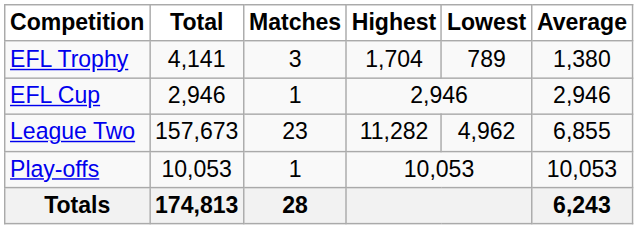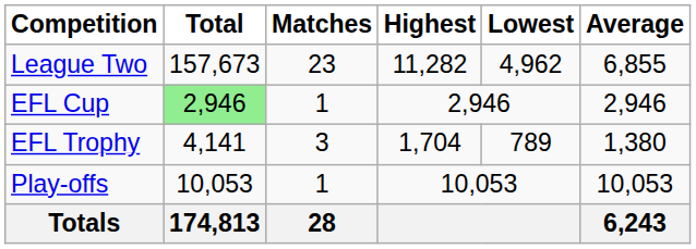 <table class="wikitable" style="text-align: center">
 <tr>
 <th style="background:white; color:black; ">Competition</th>
 <th style="background:white; color:black; ">Total</th>
 <th style="background:white; color:black; ">Matches</th>
 <th style="background:white; color:black; ">Highest</th>
 <th style="background:white; color:black; ">Lowest</th>
 <th style="background:white; color:black; ">Average</th>
 </tr>
 <tr>
+<td style="text-align:left;"><a href='#'>League Two</a></td>
+<td>157,673</td>
+<td>23</td>
+<td>11,282</td>
+<td>4,962</td>
+<td>6,855</td>
+</tr>
+<tr>
+<td style="text-align:left;"><a href='#'>EFL Cup</a></td>
+<td style="background: lightgreen;">2,946</td>
+<td>1</td>
+<td colspan=2>2,946</td>
+<td>2,946</td>
+</tr>
+<tr>
 <td style="text-align:left;"><a href='#'>EFL Trophy</a></td>
 <td>4,141</td>
 <td>3</td>
 <td>1,704</td>
 <td>789</td>
 <td>1,380</td>
-</tr>
-<tr>
-<td style="text-align:left;"><a href='#'>EFL Cup</a></td>
-<td>2,946</td>
-<td>1</td>
-<td colspan=2>2,946</td>
-<td>2,946</td>
-</tr>
-<tr>
-<td style="text-align:left;"><a href='#'>League Two</a></td>
-<td>157,673</td>
-<td>23</td>
-<td>11,282</td>
-<td>4,962</td>
-<td>6,855</td>
 </tr>
 <tr>
 <td style="text-align:left;"><a href='#'>Play-offs</a></td>
 <td>10,053</td>
 <td>1</td>
 <td colspan=2>10,053</td>
 <td>10,053</td>
 </tr>
 <tr>
 <th><strong>Totals</strong></th>
 <th><strong>174,813</strong></th>
 <th><strong>28</strong></th>
 <th colspan=2></th>
 <th><strong>6,243</strong></th>
 </tr>
 </table>
